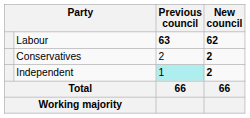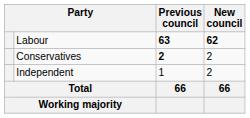 <table class="wikitable">
 <tr>
 <th valign=top colspan="2" style="width: 230px">Party</th>
 <th valign=top style="width: 30px">Previous council</th>
 <th valign=top style="width: 30px">New council</th>
 </tr>
 <tr>
 <th style="background-color: "></th>
 <td>Labour</td>
 <td><strong>63</strong></td>
 <td><strong>62</strong></td>
 </tr>
 <tr>
 <th style="background-color: "></th>
 <td>Conservatives</td>
+<td><strong>2</strong></td>
 <td>2</td>
-<td><strong>2</strong></td>
 </tr>
 <tr>
 <th style="background-color: "></th>
 <td>Independent</td>
-<td style="background: paleturquoise;">1</td>
-<td><strong>2</strong></td>
+<td>1</td>
+<td>2</td>
 </tr>
 <tr>
 <th colspan=2>Total</th>
 <th style="text-align: center">66</th>
 <th colspan=3>66</th>
 </tr>
 <tr>
 <th colspan=2>Working majority</th>
 <th></th>
 <th></th>
 </tr>
 </table>
